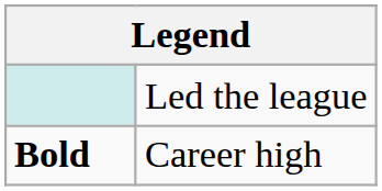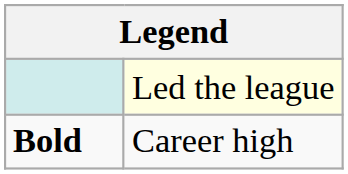 <table class="wikitable">
 <tr>
 <th colspan="2">Legend</th>
 </tr>
 <tr>
 <td style="background:#cfecec; width:3em"></td>
-<td>Led the league</td>
+<td style="background: lightyellow;">Led the league</td>
 </tr>
 <tr>
 <td><strong>Bold</strong></td>
 <td>Career high</td>
 </tr>
 </table>
